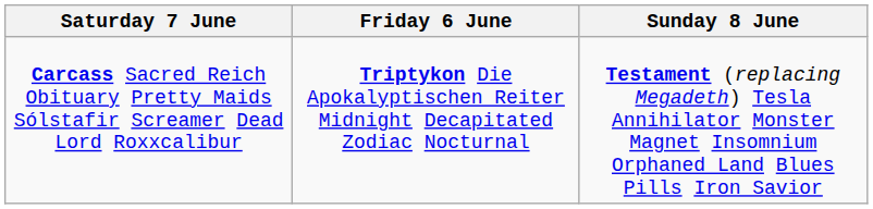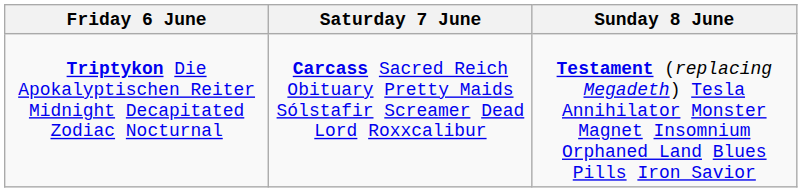 <table class="wikitable">
 <tr>
+<th>Friday 6 June</th>
 <th>Saturday 7 June</th>
-<th>Friday 6 June</th>
 <th>Sunday 8 June</th>
 </tr>
 <tr>
+<td valign="top" align="center" width=185><br><strong><a href='#'>Triptykon</a></strong> <a href='#'>Die Apokalyptischen Reiter</a> <a href='#'>Midnight</a> <a href='#'>Decapitated</a> <a href='#'>Zodiac</a> <a href='#'>Nocturnal</a></td>
 <td valign="top" align="center" width=185><br><strong><a href='#'>Carcass</a></strong> <a href='#'>Sacred Reich</a> <a href='#'>Obituary</a> <a href='#'>Pretty Maids</a> <a href='#'>Sólstafir</a> <a href='#'>Screamer</a> <a href='#'>Dead Lord</a> <a href='#'>Roxxcalibur</a></td>
-<td valign="top" align="center" width=185><br><strong><a href='#'>Triptykon</a></strong> <a href='#'>Die Apokalyptischen Reiter</a> <a href='#'>Midnight</a> <a href='#'>Decapitated</a> <a href='#'>Zodiac</a> <a href='#'>Nocturnal</a></td>
 <td valign="top" align="center" width=185><br><strong><a href='#'>Testament</a></strong> (<em>replacing <a href='#'>Megadeth</a></em>) <a href='#'>Tesla</a> <a href='#'>Annihilator</a> <a href='#'>Monster Magnet</a> <a href='#'>Insomnium</a> <a href='#'>Orphaned Land</a> <a href='#'>Blues Pills</a> <a href='#'>Iron Savior</a></td>
 </tr>
 </table>
